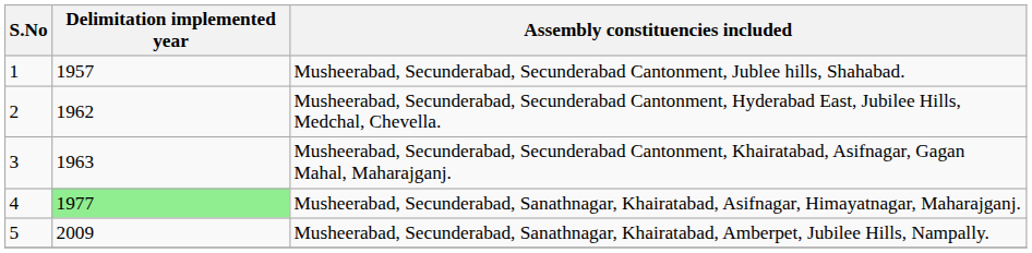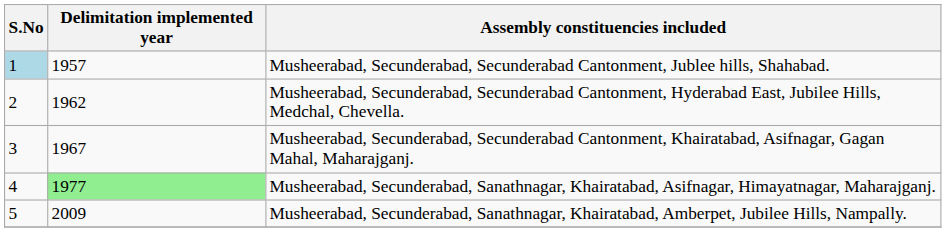 <table class="wikitable sortable">
 <tr>
 <th>S.No</th>
 <th>Delimitation implemented year</th>
 <th>Assembly constituencies included</th>
 </tr>
 <tr>
-<td>1</td>
+<td style="background: lightblue;">1</td>
 <td>1957</td>
 <td>Musheerabad, Secunderabad, Secunderabad Cantonment, Jublee hills, Shahabad.</td>
 </tr>
 <tr>
 <td>2</td>
 <td>1962</td>
 <td>Musheerabad, Secunderabad, Secunderabad Cantonment, Hyderabad East, Jubilee Hills, Medchal, Chevella.</td>
 </tr>
 <tr>
 <td>3</td>
-<td>1963</td>
+<td>1967</td>
 <td>Musheerabad, Secunderabad, Secunderabad Cantonment, Khairatabad, Asifnagar, Gagan Mahal, Maharajganj.</td>
 </tr>
 <tr>
 <td>4</td>
 <td style="background: lightgreen;">1977</td>
 <td>Musheerabad, Secunderabad, Sanathnagar, Khairatabad, Asifnagar, Himayatnagar, Maharajganj.</td>
 </tr>
 <tr>
 <td>5</td>
 <td>2009</td>
 <td>Musheerabad, Secunderabad, Sanathnagar, Khairatabad, Amberpet, Jubilee Hills, Nampally.</td>
 </tr>
 <tr>
 </tr>
 </table>
